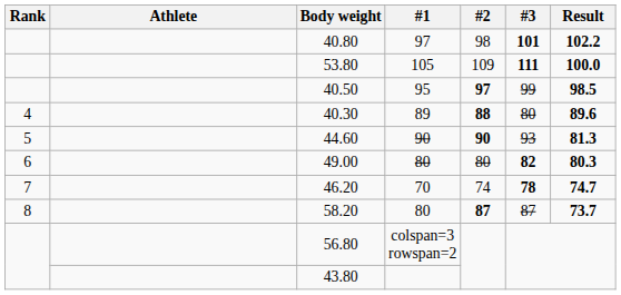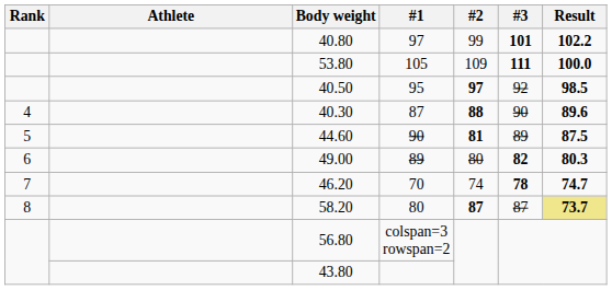 <table class="wikitable sortable" style="text-align:center;">
 <tr>
 <th width=40>Rank</th>
 <th width=250>Athlete</th>
 <th>Body weight</th>
 <th width=40 class="unsortable">#1</th>
 <th width=40 class="unsortable">#2</th>
 <th width=40 class="unsortable">#3</th>
 <th width=60>Result</th>
 </tr>
 <tr>
 <td></td>
 <td align=left></td>
 <td>40.80</td>
 <td>97</td>
-<td>98</td>
+<td>99</td>
 <td><strong>101</strong></td>
 <td><strong>102.2</strong></td>
 </tr>
 <tr>
 <td></td>
 <td align=left></td>
 <td>53.80</td>
 <td>105</td>
 <td>109</td>
 <td><strong>111</strong></td>
 <td><strong>100.0</strong></td>
 </tr>
 <tr>
 <td></td>
 <td align=left></td>
 <td>40.50</td>
 <td>95</td>
 <td><strong>97</strong></td>
-<td><s>99</s></td>
+<td><s>92</s></td>
 <td><strong>98.5</strong></td>
 </tr>
 <tr>
 <td>4</td>
 <td align=left></td>
 <td>40.30</td>
-<td>89</td>
+<td>87</td>
 <td><strong>88</strong></td>
-<td><s>80</s></td>
+<td><s>90</s></td>
 <td><strong>89.6</strong></td>
 </tr>
 <tr>
 <td>5</td>
 <td align=left></td>
 <td>44.60</td>
 <td><s>90</s></td>
-<td><strong>90</strong></td>
-<td><s>93</s></td>
-<td><strong>81.3</strong></td>
+<td><strong>81</strong></td>
+<td><s>89</s></td>
+<td><strong>87.5</strong></td>
 </tr>
 <tr>
 <td>6</td>
 <td align=left></td>
 <td>49.00</td>
-<td><s>80</s></td>
+<td><s>89</s></td>
 <td><s>80</s></td>
 <td><strong>82</strong></td>
 <td><strong>80.3</strong></td>
 </tr>
 <tr>
 <td>7</td>
 <td align=left></td>
 <td>46.20</td>
 <td>70</td>
 <td>74</td>
 <td><strong>78</strong></td>
 <td><strong>74.7</strong></td>
 </tr>
 <tr>
 <td>8</td>
 <td align=left></td>
 <td>58.20</td>
 <td>80</td>
 <td><strong>87</strong></td>
 <td><s>87</s></td>
-<td><strong>73.7</strong></td>
+<td style="background: khaki;"><strong>73.7</strong></td>
 </tr>
 <tr>
 <td rowspan=2></td>
 <td align=left></td>
 <td>56.80</td>
 <td>colspan=3 rowspan=2 </td>
 <td rowspan=2><strong></strong></td>
 </tr>
 <tr>
 <td align=left></td>
 <td>43.80</td>
 </tr>
 </table>
